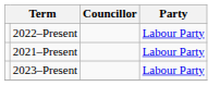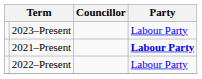 <table class="wikitable">
 <tr>
 <th colspan=2>Term</th>
 <th>Councillor</th>
 <th>Party</th>
 </tr>
 <tr>
 <td style="background-color: "></td>
-<td>2022–Present</td>
+<td>2023–Present</td>
 <td></td>
 <td><a href='#'>Labour Party</a></td>
 </tr>
 <tr>
 <td style="background-color: "></td>
 <td>2021–Present</td>
 <td></td>
-<td><a href='#'>Labour Party</a></td>
+<td><strong><a href='#'>Labour Party</a></strong></td>
 </tr>
 <tr>
 <td style="background-color: "></td>
-<td>2023–Present</td>
+<td>2022–Present</td>
 <td></td>
 <td><a href='#'>Labour Party</a></td>
 </tr>
 <tr>
 </tr>
 </table>
